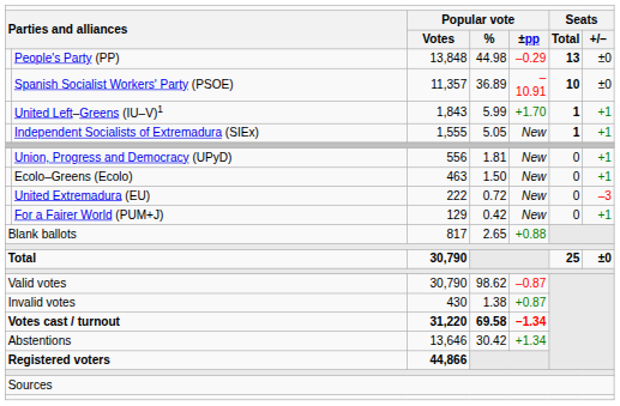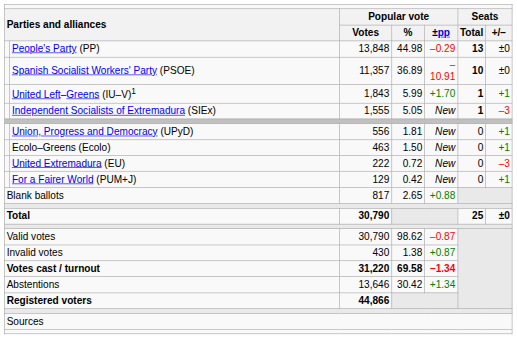 <table class="wikitable" style="text-align:right;">
 <tr>
 <td colspan="7"></td>
 </tr>
 <tr>
 <th style="text-align:left;" rowspan="2" colspan="2" width="525">Parties and alliances</th>
 <th colspan="3">Popular vote</th>
 <th colspan="2">Seats</th>
 </tr>
 <tr>
 <th width="75">Votes</th>
 <th width="45">%</th>
 <th width="45">±<a href='#'>pp</a></th>
 <th width="35">Total</th>
 <th width="35">+/−</th>
 </tr>
 <tr>
 <td width="1" style="color:inherit;background:"></td>
 <td align="left"><a href='#'>People's Party</a> (PP)</td>
 <td>13,848</td>
 <td>44.98</td>
 <td style="color:red;">–0.29</td>
 <td><strong>13</strong></td>
 <td>±0</td>
 </tr>
 <tr>
 <td style="color:inherit;background:"></td>
 <td align="left"><a href='#'>Spanish Socialist Workers' Party</a> (PSOE)</td>
 <td>11,357</td>
 <td>36.89</td>
 <td style="color:red;">–10.91</td>
 <td><strong>10</strong></td>
 <td>±0</td>
 </tr>
 <tr>
 <td style="color:inherit;background:"></td>
 <td align="left"><a href='#'>United Left</a>–<a href='#'>Greens</a> (IU–V)<sup>1</sup></td>
 <td>1,843</td>
 <td>5.99</td>
 <td style="color:green;">+1.70</td>
 <td><strong>1</strong></td>
 <td style="color:green;">+1</td>
 </tr>
 <tr>
 <td style="color:inherit;background:"></td>
 <td align="left"><a href='#'>Independent Socialists of Extremadura</a> (SIEx)</td>
 <td>1,555</td>
 <td>5.05</td>
 <td><em>New</em></td>
 <td><strong>1</strong></td>
-<td style="color:green;">+1</td>
+<td style="color:red;">–3</td>
 </tr>
 <tr>
 <td colspan="7" bgcolor="#C0C0C0"></td>
 </tr>
 <tr>
 <td style="color:inherit;background:"></td>
 <td align="left"><a href='#'>Union, Progress and Democracy</a> (UPyD)</td>
 <td>556</td>
 <td>1.81</td>
 <td><em>New</em></td>
 <td>0</td>
 <td style="color:green;">+1</td>
 </tr>
 <tr>
 <td style="color:inherit;background:"></td>
 <td align="left">Ecolo–Greens (Ecolo)</td>
 <td>463</td>
 <td>1.50</td>
 <td><em>New</em></td>
 <td>0</td>
 <td style="color:green;">+1</td>
 </tr>
 <tr>
 <td style="color:inherit;background:"></td>
 <td align="left"><a href='#'>United Extremadura</a> (EU)</td>
 <td>222</td>
 <td>0.72</td>
 <td><em>New</em></td>
 <td>0</td>
 <td style="color:red;">–3</td>
 </tr>
 <tr>
 <td style="color:inherit;background:"></td>
 <td align="left"><a href='#'>For a Fairer World</a> (PUM+J)</td>
 <td>129</td>
 <td>0.42</td>
 <td><em>New</em></td>
 <td>0</td>
 <td style="color:green;">+1</td>
 </tr>
 <tr>
 <td align="left" colspan="2">Blank ballots</td>
 <td>817</td>
 <td>2.65</td>
 <td style="color:green;">+0.88</td>
 <td bgcolor="#E9E9E9" colspan="2"></td>
 </tr>
 <tr>
 <td colspan="7" bgcolor="#E9E9E9"></td>
 </tr>
 <tr style="font-weight:bold;">
 <td align="left" colspan="2">Total</td>
 <td>30,790</td>
 <td bgcolor="#E9E9E9" colspan="2"></td>
 <td>25</td>
 <td>±0</td>
 </tr>
 <tr>
 <td colspan="7" bgcolor="#E9E9E9"></td>
 </tr>
 <tr>
 <td align="left" colspan="2">Valid votes</td>
 <td>30,790</td>
 <td>98.62</td>
 <td style="color:red;">–0.87</td>
 <td bgcolor="#E9E9E9" colspan="2" rowspan="5"></td>
 </tr>
 <tr>
 <td align="left" colspan="2">Invalid votes</td>
 <td>430</td>
 <td>1.38</td>
 <td style="color:green;">+0.87</td>
 </tr>
 <tr style="font-weight:bold;">
 <td align="left" colspan="2">Votes cast / turnout</td>
 <td>31,220</td>
 <td>69.58</td>
 <td style="color:red;">–1.34</td>
 </tr>
 <tr>
 <td align="left" colspan="2">Abstentions</td>
 <td>13,646</td>
 <td>30.42</td>
 <td style="color:green;">+1.34</td>
 </tr>
 <tr style="font-weight:bold;">
 <td align="left" colspan="2">Registered voters</td>
 <td>44,866</td>
 <td bgcolor="#E9E9E9" colspan="2"></td>
 </tr>
 <tr>
 <td colspan="7" bgcolor="#E9E9E9"></td>
 </tr>
 <tr>
 <td align="left" colspan="7">Sources</td>
 </tr>
 <tr>
 <td colspan="7" style="text-align:left; max-width:790px;"></td>
 </tr>
 </table>
